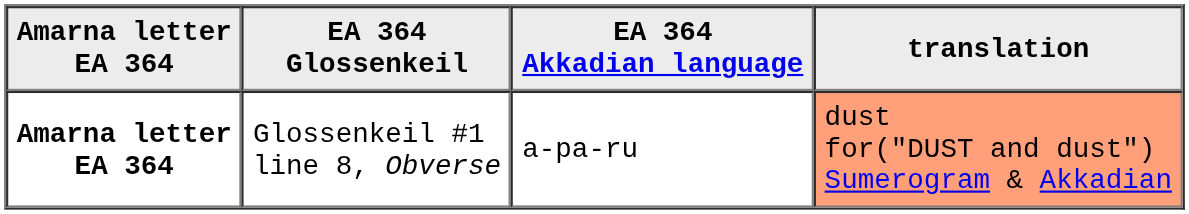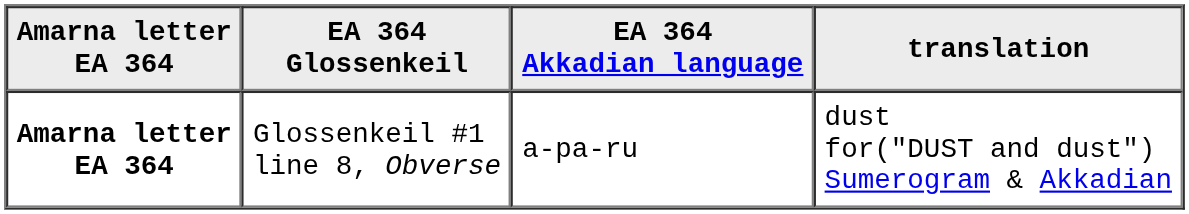 <table cellspacing=0 cellpadding=4 border=1>
 <tr bgcolor="#ececec" style="text-align:center;">
 <th>Amarna letter<br>EA 364</th>
 <th>EA 364 <br>Glossenkeil</th>
 <th>EA 364 <br><a href='#'>Akkadian language</a></th>
 <th>translation</th>
 </tr>
 <tr>
 <th>Amarna letter<br>EA 364</th>
 <td>Glossenkeil #1  <br> line 8, <em>Obverse</em></td>
 <td>a-pa-ru <br>   </td>
-<td style="background: lightsalmon;">dust <br> for("DUST and dust") <br> <a href='#'>Sumerogram</a> & <a href='#'>Akkadian</a></td>
+<td>dust <br> for("DUST and dust") <br> <a href='#'>Sumerogram</a> & <a href='#'>Akkadian</a></td>
 </tr>
 <tr>
 </tr>
 </table>
